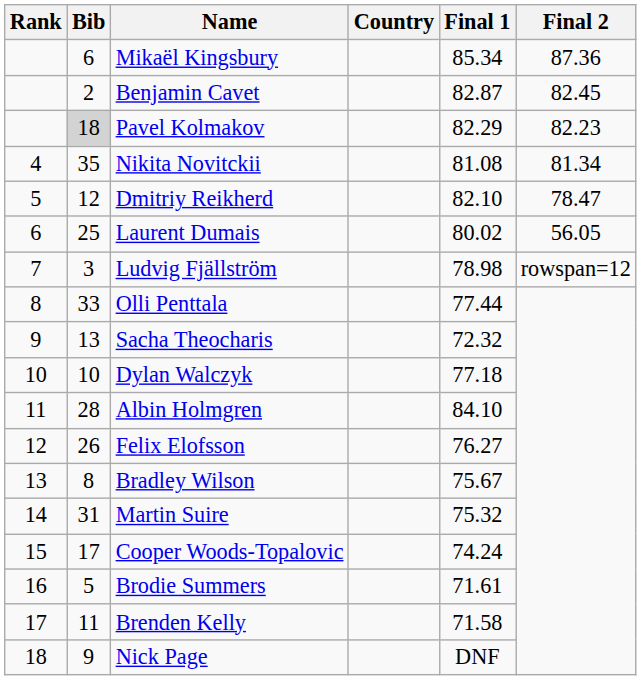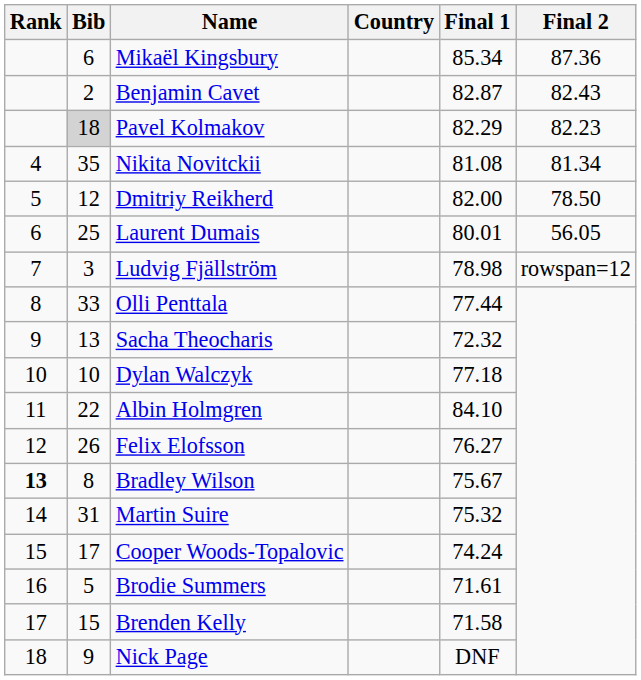 <table class="wikitable sortable" style="text-align:center">
 <tr>
 <th>Rank</th>
 <th>Bib</th>
 <th>Name</th>
 <th>Country</th>
 <th>Final 1</th>
 <th>Final 2</th>
 </tr>
 <tr>
 <td></td>
 <td>6</td>
 <td align=left><a href='#'>Mikaël Kingsbury</a></td>
 <td align=left></td>
 <td>85.34</td>
 <td>87.36</td>
 </tr>
 <tr>
 <td></td>
 <td>2</td>
 <td align=left><a href='#'>Benjamin Cavet</a></td>
 <td align=left></td>
 <td>82.87</td>
-<td>82.45</td>
+<td>82.43</td>
 </tr>
 <tr>
 <td></td>
 <td style="background: lightgrey;">18</td>
 <td align=left><a href='#'>Pavel Kolmakov</a></td>
 <td align=left></td>
 <td>82.29</td>
 <td>82.23</td>
 </tr>
 <tr>
 <td>4</td>
 <td>35</td>
 <td align=left><a href='#'>Nikita Novitckii</a></td>
 <td align=left></td>
 <td>81.08</td>
 <td>81.34</td>
 </tr>
 <tr>
 <td>5</td>
 <td>12</td>
 <td align=left><a href='#'>Dmitriy Reikherd</a></td>
 <td align=left></td>
-<td>82.10</td>
-<td>78.47</td>
+<td>82.00</td>
+<td>78.50</td>
 </tr>
 <tr>
 <td>6</td>
 <td>25</td>
 <td align=left><a href='#'>Laurent Dumais</a></td>
 <td align=left></td>
-<td>80.02</td>
+<td>80.01</td>
 <td>56.05</td>
 </tr>
 <tr>
 <td>7</td>
 <td>3</td>
 <td align=left><a href='#'>Ludvig Fjällström</a></td>
 <td align=left></td>
 <td>78.98</td>
 <td>rowspan=12 </td>
 </tr>
 <tr>
 <td>8</td>
 <td>33</td>
 <td align=left><a href='#'>Olli Penttala</a></td>
 <td align=left></td>
 <td>77.44</td>
 </tr>
 <tr>
 <td>9</td>
 <td>13</td>
 <td align=left><a href='#'>Sacha Theocharis</a></td>
 <td align=left></td>
 <td>72.32</td>
 </tr>
 <tr>
 <td>10</td>
 <td>10</td>
 <td align=left><a href='#'>Dylan Walczyk</a></td>
 <td align=left></td>
 <td>77.18</td>
 </tr>
 <tr>
 <td>11</td>
-<td>28</td>
+<td>22</td>
 <td align=left><a href='#'>Albin Holmgren</a></td>
 <td align=left></td>
 <td>84.10</td>
 </tr>
 <tr>
 <td>12</td>
 <td>26</td>
 <td align=left><a href='#'>Felix Elofsson</a></td>
 <td align=left></td>
 <td>76.27</td>
 </tr>
 <tr>
-<td>13</td>
+<td><strong>13</strong></td>
 <td>8</td>
 <td align=left><a href='#'>Bradley Wilson</a></td>
 <td align=left></td>
 <td>75.67</td>
 </tr>
 <tr>
 <td>14</td>
 <td>31</td>
 <td align=left><a href='#'>Martin Suire</a></td>
 <td align=left></td>
 <td>75.32</td>
 </tr>
 <tr>
 <td>15</td>
 <td>17</td>
 <td align=left><a href='#'>Cooper Woods-Topalovic</a></td>
 <td align=left></td>
 <td>74.24</td>
 </tr>
 <tr>
 <td>16</td>
 <td>5</td>
 <td align=left><a href='#'>Brodie Summers</a></td>
 <td align=left></td>
 <td>71.61</td>
 </tr>
 <tr>
 <td>17</td>
-<td>11</td>
+<td>15</td>
 <td align=left><a href='#'>Brenden Kelly</a></td>
 <td align=left></td>
 <td>71.58</td>
 </tr>
 <tr>
 <td>18</td>
 <td>9</td>
 <td align=left><a href='#'>Nick Page</a></td>
 <td align=left></td>
 <td>DNF</td>
 </tr>
 </table>
